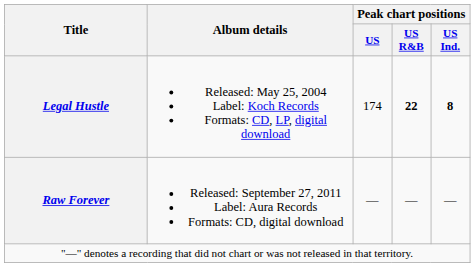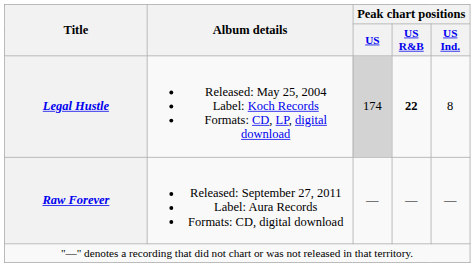 <table class="wikitable plainrowheaders" style="text-align:center;">
 <tr>
 <th scope="col" rowspan="2" style="width:11em;">Title</th>
 <th scope="col" rowspan="2" style="width:16em;">Album details</th>
 <th scope="col" colspan="3">Peak chart positions</th>
 </tr>
 <tr>
 <th scope="col" style="width:3em;font-size:90%;"><a href='#'>US</a><br></th>
 <th scope="col" style="width:3em;font-size:90%;"><a href='#'>US<br>R&B</a><br></th>
 <th scope="col" style="width:3em;font-size:90%;"><a href='#'>US<br>Ind.</a><br></th>
 </tr>
 <tr>
 <th scope="row"><em><a href='#'>Legal Hustle</a></em></th>
 <td><br><ul><li>Released: May 25, 2004</li><li>Label: <a href='#'>Koch Records</a></li><li>Formats: <a href='#'>CD</a>, <a href='#'>LP</a>, <a href='#'>digital download</a></li></ul></td>
-<td>174</td>
+<td style="background: lightgrey;">174</td>
 <td><strong>22</strong></td>
-<td><strong>8</strong></td>
+<td>8</td>
 </tr>
 <tr>
 <th scope="row"><em><a href='#'>Raw Forever</a></em></th>
 <td><br><ul><li>Released: September 27, 2011</li><li>Label: Aura Records</li><li>Formats: CD, digital download</li></ul></td>
 <td>—</td>
 <td>—</td>
 <td>—</td>
 </tr>
 <tr>
 <td colspan="14" style="font-size:90%">"—" denotes a recording that did not chart or was not released in that territory.</td>
 </tr>
 </table>
